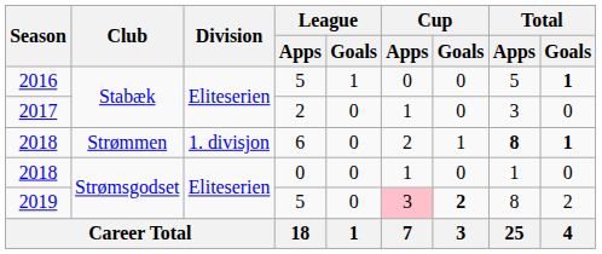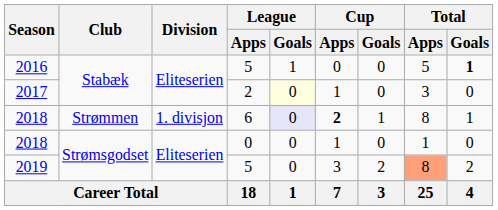 <table class="wikitable" style="text-align: center;">
 <tr>
 <th rowspan="2">Season</th>
 <th rowspan="2">Club</th>
 <th rowspan="2">Division</th>
 <th colspan="2">League</th>
 <th colspan="2">Cup</th>
 <th colspan="2">Total</th>
 </tr>
 <tr>
 <th>Apps</th>
 <th>Goals</th>
 <th>Apps</th>
 <th>Goals</th>
 <th>Apps</th>
 <th>Goals</th>
 </tr>
 <tr>
 <td><a href='#'>2016</a></td>
 <td rowspan="2"><a href='#'>Stabæk</a></td>
 <td rowspan="2"><a href='#'>Eliteserien</a></td>
 <td>5</td>
 <td>1</td>
 <td>0</td>
 <td>0</td>
 <td>5</td>
 <td><strong>1</strong></td>
 </tr>
 <tr>
 <td><a href='#'>2017</a></td>
 <td>2</td>
-<td>0</td>
+<td style="background: lightyellow;">0</td>
 <td>1</td>
 <td>0</td>
 <td>3</td>
 <td>0</td>
 </tr>
 <tr>
 <td><a href='#'>2018</a></td>
 <td rowspan="1"><a href='#'>Strømmen</a></td>
 <td rowspan="1"><a href='#'>1. divisjon</a></td>
 <td>6</td>
-<td>0</td>
-<td>2</td>
+<td style="background: lavender;">0</td>
+<td><strong>2</strong></td>
 <td>1</td>
-<td><strong>8</strong></td>
-<td><strong>1</strong></td>
+<td>8</td>
+<td>1</td>
 </tr>
 <tr>
 <td><a href='#'>2018</a></td>
 <td rowspan="2"><a href='#'>Strømsgodset</a></td>
 <td rowspan="2"><a href='#'>Eliteserien</a></td>
 <td>0</td>
 <td>0</td>
 <td>1</td>
 <td>0</td>
 <td>1</td>
 <td>0</td>
 </tr>
 <tr>
 <td><a href='#'>2019</a></td>
 <td>5</td>
 <td>0</td>
-<td style="background: pink;">3</td>
-<td><strong>2</strong></td>
-<td>8</td>
+<td>3</td>
+<td>2</td>
+<td style="background: lightsalmon;">8</td>
 <td>2</td>
 </tr>
 <tr>
 <th colspan="3">Career Total</th>
 <th>18</th>
 <th>1</th>
 <th>7</th>
 <th>3</th>
 <th>25</th>
 <th>4</th>
 </tr>
 </table>
